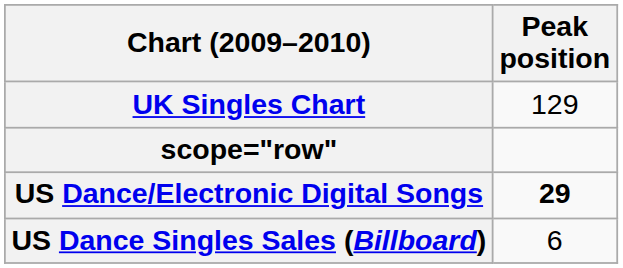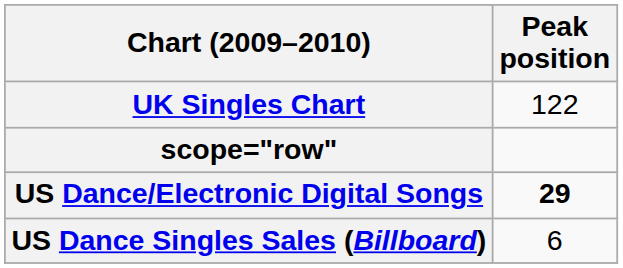 <table class="wikitable sortable plainrowheaders">
 <tr>
 <th scope="col">Chart (2009–2010)</th>
 <th scope="col">Peak<br>position</th>
 </tr>
 <tr>
 <th scope="row"><a href='#'>UK Singles Chart</a></th>
-<td style="text-align:center;">129</td>
+<td style="text-align:center;">122</td>
 </tr>
 <tr>
 <th>scope="row" </th>
 </tr>
 <tr>
 <th scope="row">US <a href='#'>Dance/Electronic Digital Songs</a></th>
 <td style="text-align:center;"><strong>29</strong></td>
 </tr>
 <tr>
 <th scope="row">US <a href='#'>Dance Singles Sales</a> (<em><a href='#'>Billboard</a></em>)</th>
 <td style="text-align:center;">6</td>
 </tr>
 </table>
